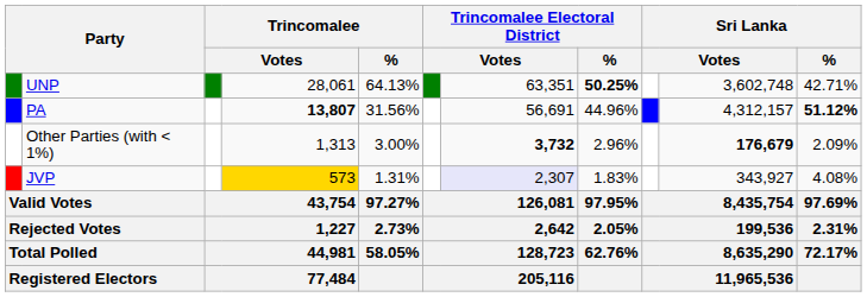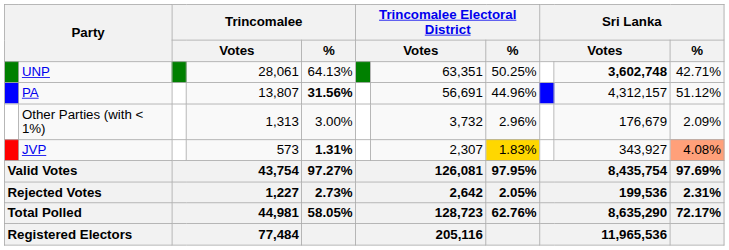 <table class="wikitable">
 <tr>
 <th colspan="2" width="144px"rowspan="2">Party</th>
 <th colspan="3" width="216px">Trincomalee</th>
 <th colspan="3" width="216px"><a href='#'>Trincomalee Electoral District</a></th>
 <th colspan="3" width="216px">Sri Lanka</th>
 </tr>
 <tr>
 <th colspan="2" width="144px">Votes</th>
 <th>%</th>
 <th colspan="2" width="144px">Votes</th>
 <th>%</th>
 <th colspan="2" width="144px">Votes</th>
 <th>%</th>
 </tr>
 <tr>
 <td style="background-color:green;" width="10px"></td>
 <td style="text-align:left;"><a href='#'>UNP</a></td>
 <td style="background-color:green;" width="10px"></td>
 <td style="text-align:right;">28,061</td>
 <td style="text-align:right;">64.13%</td>
 <td style="background-color:green;" width="10px"></td>
 <td style="text-align:right;">63,351</td>
-<td style="text-align:right;"><strong>50.25%</strong></td>
+<td style="text-align:right;">50.25%</td>
 <td style="background-color:white;" width="10px"></td>
-<td style="text-align:right;">3,602,748</td>
+<td style="text-align:right;"><strong>3,602,748</strong></td>
 <td style="text-align:right;">42.71%</td>
 </tr>
 <tr>
 <td style="background-color:blue;" width="10px"></td>
 <td style="text-align:left;"><a href='#'>PA</a></td>
 <td style="background-color:white;" width="10px"></td>
-<td style="text-align:right;"><strong>13,807</strong></td>
-<td style="text-align:right;">31.56%</td>
+<td style="text-align:right;">13,807</td>
+<td style="text-align:right;"><strong>31.56%</strong></td>
 <td style="background-color:white;" width="10px"></td>
 <td style="text-align:right;">56,691</td>
 <td style="text-align:right;">44.96%</td>
 <td style="background-color:blue;" width="10px"></td>
 <td style="text-align:right;">4,312,157</td>
-<td style="text-align:right;"><strong>51.12%</strong></td>
+<td style="text-align:right;">51.12%</td>
 </tr>
 <tr>
 <td style="background-color:white;" width="10px"></td>
 <td style="text-align:left;">Other Parties (with < 1%)</td>
 <td style="background-color:white;" width="10px"></td>
 <td style="text-align:right;">1,313</td>
 <td style="text-align:right;">3.00%</td>
 <td style="background-color:white;" width="10px"></td>
-<td style="text-align:right;"><strong>3,732</strong></td>
+<td style="text-align:right;">3,732</td>
 <td style="text-align:right;">2.96%</td>
 <td style="background-color:white;" width="10px"></td>
-<td style="text-align:right;"><strong>176,679</strong></td>
+<td style="text-align:right;">176,679</td>
 <td style="text-align:right;">2.09%</td>
 </tr>
 <tr>
 <td style="background-color:red;" width="10px"></td>
 <td style="text-align:left;"><a href='#'>JVP</a></td>
 <td style="background-color:white;" width="10px"></td>
-<td style="background: gold; text-align:right;">573</td>
-<td style="text-align:right;">1.31%</td>
+<td style="text-align:right;">573</td>
+<td style="text-align:right;"><strong>1.31%</strong></td>
 <td style="background-color:white;" width="10px"></td>
-<td style="background: lavender; text-align:right;">2,307</td>
-<td style="text-align:right;">1.83%</td>
+<td style="text-align:right;">2,307</td>
+<td style="background: gold; text-align:right;">1.83%</td>
 <td style="background-color:white;" width="10px"></td>
 <td style="text-align:right;">343,927</td>
-<td style="text-align:right;">4.08%</td>
+<td style="background: lightsalmon; text-align:right;">4.08%</td>
 </tr>
 <tr>
 <th colspan="2" width="144px"style="text-align:left;">Valid Votes</th>
 <th style="text-align:right;"colspan="2" width="144px">43,754</th>
 <th style="text-align:right;">97.27%</th>
 <th style="text-align:right;"colspan="2" width="144px">126,081</th>
 <th style="text-align:right;">97.95%</th>
 <th style="text-align:right;"colspan="2" width="144px">8,435,754</th>
 <th style="text-align:right;">97.69%</th>
 </tr>
 <tr>
 <th colspan="2" width="144px"style="text-align:left;">Rejected Votes</th>
 <th style="text-align:right;"colspan="2" width="144px">1,227</th>
 <th style="text-align:right;">2.73%</th>
 <th style="text-align:right;"colspan="2" width="144px">2,642</th>
 <th style="text-align:right;">2.05%</th>
 <th style="text-align:right;"colspan="2" width="144px">199,536</th>
 <th style="text-align:right;">2.31%</th>
 </tr>
 <tr>
 <th colspan="2" width="144px"style="text-align:left;">Total Polled</th>
 <th style="text-align:right;"colspan="2" width="144px">44,981</th>
 <th style="text-align:right;">58.05%</th>
 <th style="text-align:right;"colspan="2" width="144px">128,723</th>
 <th style="text-align:right;">62.76%</th>
 <th style="text-align:right;"colspan="2" width="144px">8,635,290</th>
 <th style="text-align:right;">72.17%</th>
 </tr>
 <tr>
 <th colspan="2" width="144px"style="text-align:left;">Registered Electors</th>
 <th style="text-align:right;"colspan="2" width="144px">77,484</th>
 <th></th>
 <th style="text-align:right;"colspan="2" width="144px">205,116</th>
 <th></th>
 <th style="text-align:right;"colspan="2" width="144px">11,965,536</th>
 <th></th>
 </tr>
 </table>
